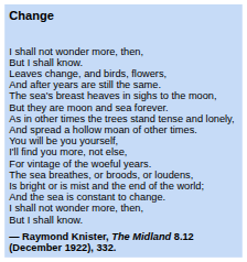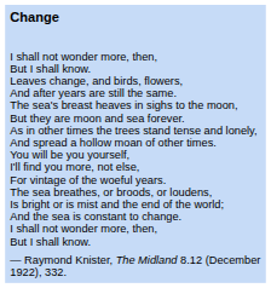 <table class="toccolours" style="float: right; margin-left: 1em; margin-right: 2em; font-size: 85%; background:#c6dbf7; color:black; width:25em; max-width: 20%;" cellspacing="5">
 <tr>
 <td style="text-align: left;"><big><strong>Change</strong></big><br><br><br>I shall not wonder more, then,<br> But I shall know.<br>Leaves change, and birds, flowers,<br> And after years are still the same.<br>The sea's breast heaves in sighs to the moon,<br> But they are moon and sea forever.<br>As in other times the trees stand tense and lonely,<br> And spread a hollow moan of other times.<br>You will be you yourself,<br> I'll find you more, not else,<br> For vintage of the woeful years.<br>The sea breathes, or broods, or loudens,<br> Is bright or is mist and the end of the world;<br> And the sea is constant to change.<br>I shall not wonder more, then,<br> But I shall know.</td>
 </tr>
 <tr>
-<td style="text-align: left;"><strong>— Raymond Knister, <em>The Midland</em> 8.12 (December 1922), 332.</strong></td>
+<td style="text-align: left;">— Raymond Knister, <em>The Midland</em> 8.12 (December 1922), 332.</td>
 </tr>
 </table>
